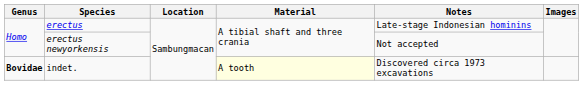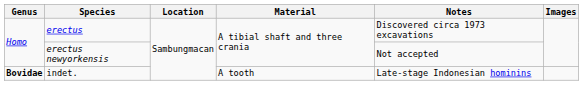 <table class="wikitable">
 <tr>
 <th>Genus</th>
 <th>Species</th>
 <th>Location</th>
 <th>Material</th>
 <th>Notes</th>
 <th>Images</th>
 </tr>
 <tr>
 <td rowspan="2"><em><a href='#'>Homo</a></em></td>
 <td><em><a href='#'>erectus</a></em></td>
 <td rowspan="3">Sambungmacan</td>
 <td rowspan="2">A tibial shaft and three crania</td>
-<td>Late-stage Indonesian <a href='#'>hominins</a></td>
+<td>Discovered circa 1973 excavations</td>
 <td rowspan="2"></td>
 </tr>
 <tr>
 <td><em>erectus newyorkensis</em></td>
 <td>Not accepted</td>
 </tr>
 <tr>
 <td><strong>Bovidae</strong></td>
 <td>indet.</td>
-<td style="background: lightyellow;">A tooth</td>
-<td>Discovered circa 1973 excavations</td>
+<td>A tooth</td>
+<td>Late-stage Indonesian <a href='#'>hominins</a></td>
 <td></td>
 </tr>
 </table>
